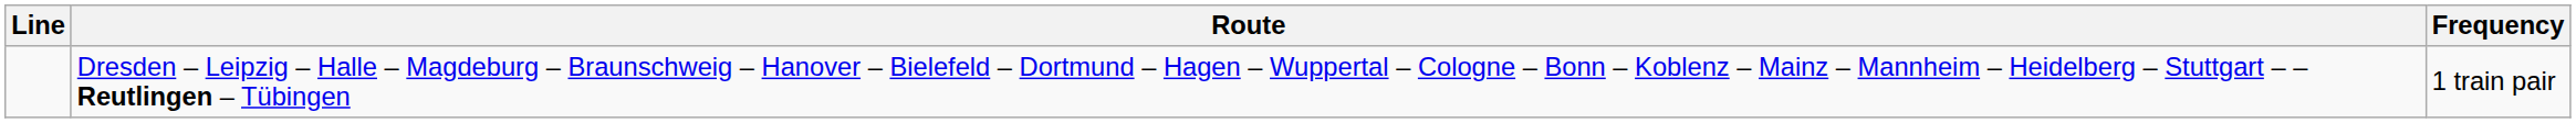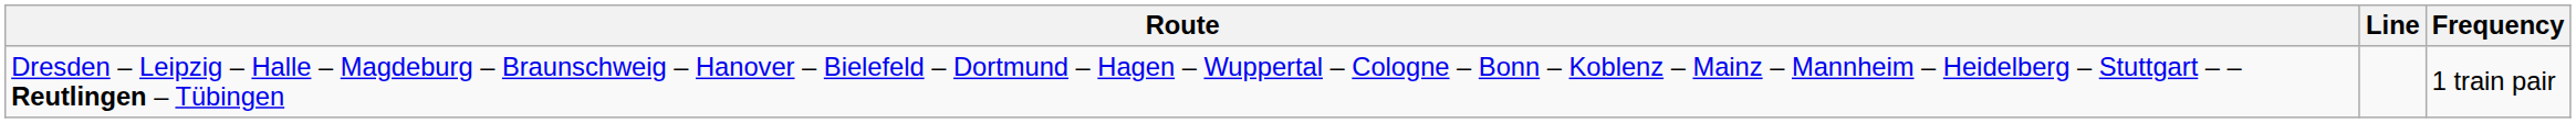 <table class="wikitable">
 <tr>
+<th>Route</th>
 <th>Line</th>
-<th>Route</th>
 <th>Frequency</th>
 </tr>
 <tr>
+<td><a href='#'>Dresden</a> –  <a href='#'>Leipzig</a> – <a href='#'>Halle</a> – <a href='#'>Magdeburg</a> – <a href='#'>Braunschweig</a> – <a href='#'>Hanover</a> – <a href='#'>Bielefeld</a> – <a href='#'>Dortmund</a> – <a href='#'>Hagen</a> – <a href='#'>Wuppertal</a> – <a href='#'>Cologne</a> – <a href='#'>Bonn</a> – <a href='#'>Koblenz</a> – <a href='#'>Mainz</a> – <a href='#'>Mannheim</a> – <a href='#'>Heidelberg</a> – <a href='#'>Stuttgart</a> –  – <strong>Reutlingen</strong> – <a href='#'>Tübingen</a></td>
 <td></td>
-<td><a href='#'>Dresden</a> –  <a href='#'>Leipzig</a> – <a href='#'>Halle</a> – <a href='#'>Magdeburg</a> – <a href='#'>Braunschweig</a> – <a href='#'>Hanover</a> – <a href='#'>Bielefeld</a> – <a href='#'>Dortmund</a> – <a href='#'>Hagen</a> – <a href='#'>Wuppertal</a> – <a href='#'>Cologne</a> – <a href='#'>Bonn</a> – <a href='#'>Koblenz</a> – <a href='#'>Mainz</a> – <a href='#'>Mannheim</a> – <a href='#'>Heidelberg</a> – <a href='#'>Stuttgart</a> –  – <strong>Reutlingen</strong> – <a href='#'>Tübingen</a></td>
 <td>1 train pair</td>
 </tr>
 </table>
